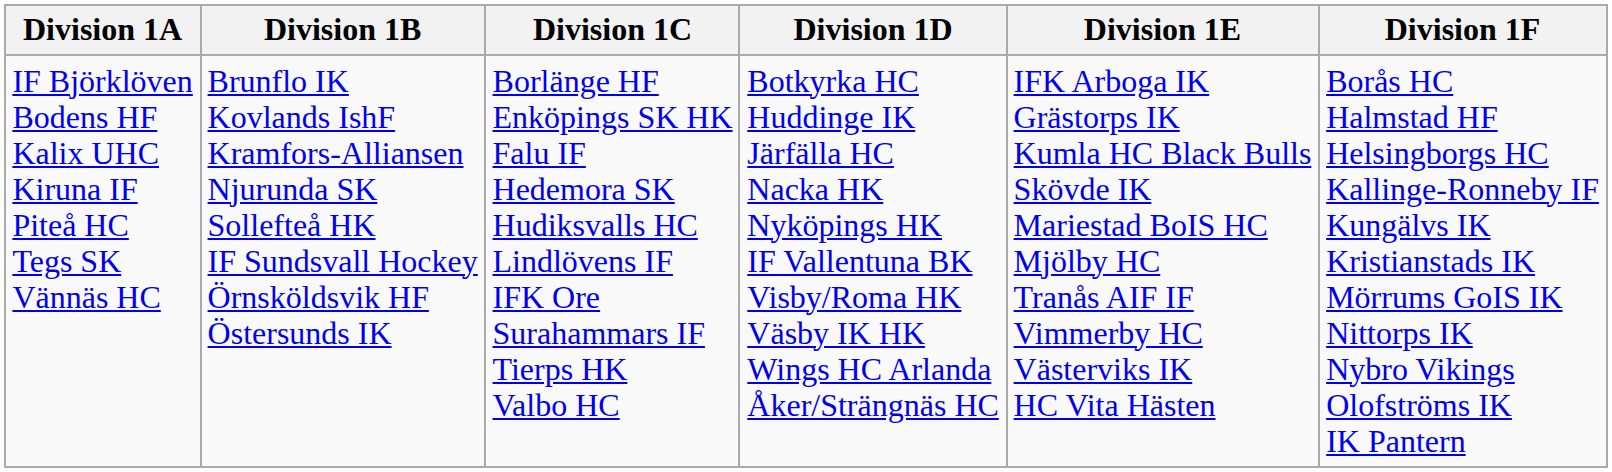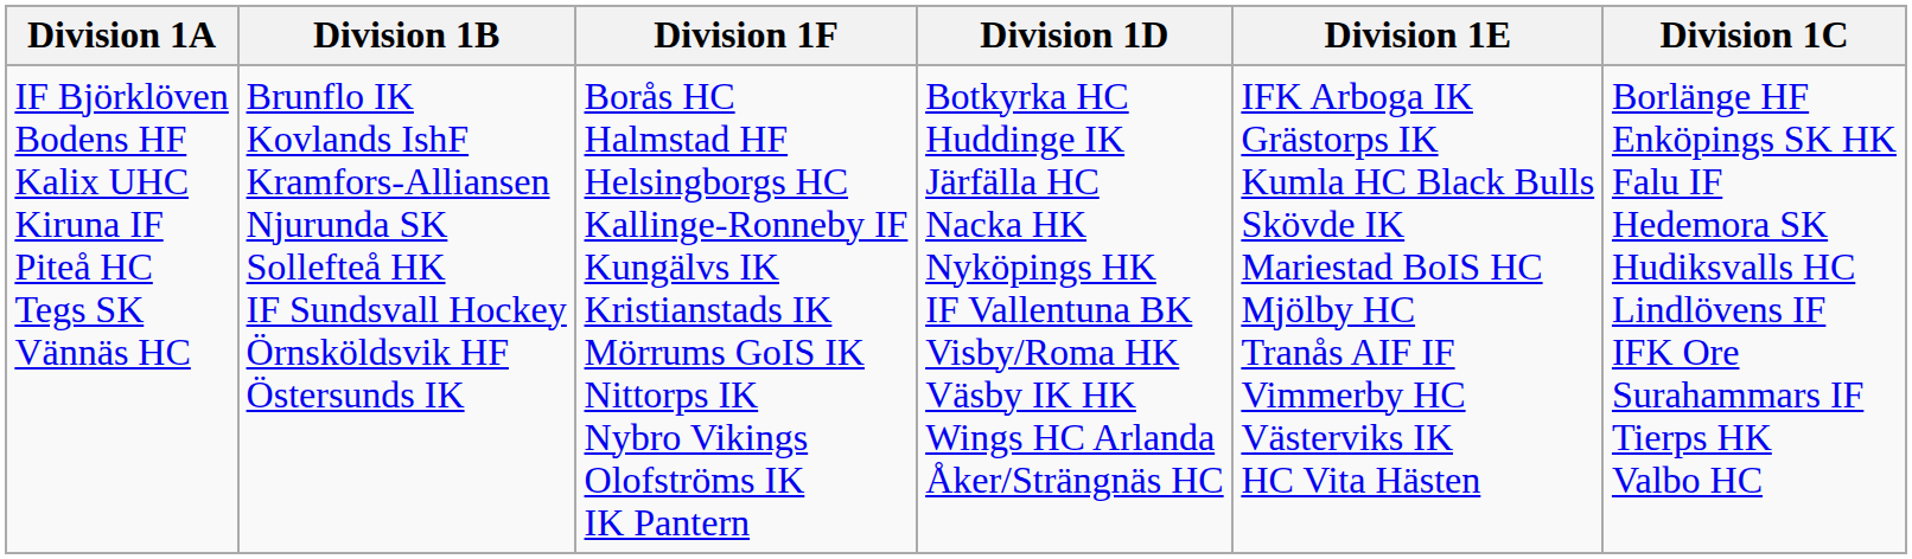 <table class="wikitable">
 <tr>
 <th>Division 1A</th>
 <th>Division 1B</th>
-<th>Division 1C</th>
+<th>Division 1F</th>
 <th>Division 1D</th>
 <th>Division 1E</th>
-<th>Division 1F</th>
+<th>Division 1C</th>
 </tr>
 <tr halign=center; valign=top>
 <td><a href='#'>IF Björklöven</a><br><a href='#'>Bodens HF</a><br><a href='#'>Kalix UHC</a><br><a href='#'>Kiruna IF</a><br><a href='#'>Piteå HC</a><br><a href='#'>Tegs SK</a><br><a href='#'>Vännäs HC</a></td>
 <td><a href='#'>Brunflo IK</a><br><a href='#'>Kovlands IshF</a><br><a href='#'>Kramfors-Alliansen</a><br><a href='#'>Njurunda SK</a><br><a href='#'>Sollefteå HK</a><br><a href='#'>IF Sundsvall Hockey</a><br><a href='#'>Örnsköldsvik HF</a><br><a href='#'>Östersunds IK</a></td>
-<td><a href='#'>Borlänge HF</a><br><a href='#'>Enköpings SK HK</a><br><a href='#'>Falu IF</a><br><a href='#'>Hedemora SK</a><br><a href='#'>Hudiksvalls HC</a><br><a href='#'>Lindlövens IF</a><br><a href='#'>IFK Ore</a><br><a href='#'>Surahammars IF</a><br><a href='#'>Tierps HK</a><br><a href='#'>Valbo HC</a></td>
+<td><a href='#'>Borås HC</a><br><a href='#'>Halmstad HF</a><br><a href='#'>Helsingborgs HC</a><br><a href='#'>Kallinge-Ronneby IF</a><br><a href='#'>Kungälvs IK</a><br><a href='#'>Kristianstads IK</a><br><a href='#'>Mörrums GoIS IK</a><br><a href='#'>Nittorps IK</a><br><a href='#'>Nybro Vikings</a><br><a href='#'>Olofströms IK</a><br><a href='#'>IK Pantern</a></td>
 <td><a href='#'>Botkyrka HC</a><br><a href='#'>Huddinge IK</a><br><a href='#'>Järfälla HC</a><br><a href='#'>Nacka HK</a><br><a href='#'>Nyköpings HK</a><br><a href='#'>IF Vallentuna BK</a><br><a href='#'>Visby/Roma HK</a><br><a href='#'>Väsby IK HK</a><br><a href='#'>Wings HC Arlanda</a><br><a href='#'>Åker/Strängnäs HC</a></td>
 <td><a href='#'>IFK Arboga IK</a><br><a href='#'>Grästorps IK</a><br><a href='#'>Kumla HC Black Bulls</a><br><a href='#'>Skövde IK</a><br><a href='#'>Mariestad BoIS HC</a><br><a href='#'>Mjölby HC</a><br><a href='#'>Tranås AIF IF</a><br><a href='#'>Vimmerby HC</a><br><a href='#'>Västerviks IK</a><br><a href='#'>HC Vita Hästen</a></td>
-<td><a href='#'>Borås HC</a><br><a href='#'>Halmstad HF</a><br><a href='#'>Helsingborgs HC</a><br><a href='#'>Kallinge-Ronneby IF</a><br><a href='#'>Kungälvs IK</a><br><a href='#'>Kristianstads IK</a><br><a href='#'>Mörrums GoIS IK</a><br><a href='#'>Nittorps IK</a><br><a href='#'>Nybro Vikings</a><br><a href='#'>Olofströms IK</a><br><a href='#'>IK Pantern</a></td>
+<td><a href='#'>Borlänge HF</a><br><a href='#'>Enköpings SK HK</a><br><a href='#'>Falu IF</a><br><a href='#'>Hedemora SK</a><br><a href='#'>Hudiksvalls HC</a><br><a href='#'>Lindlövens IF</a><br><a href='#'>IFK Ore</a><br><a href='#'>Surahammars IF</a><br><a href='#'>Tierps HK</a><br><a href='#'>Valbo HC</a></td>
 </tr>
 </table>
